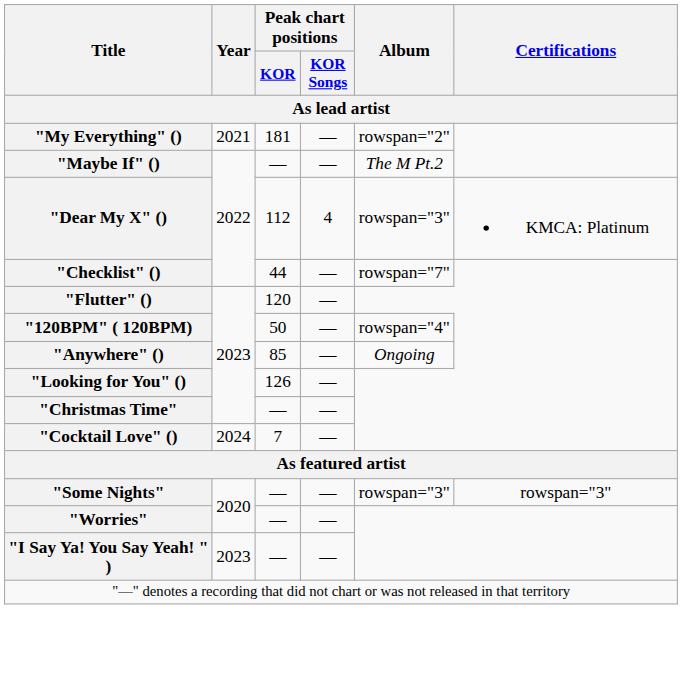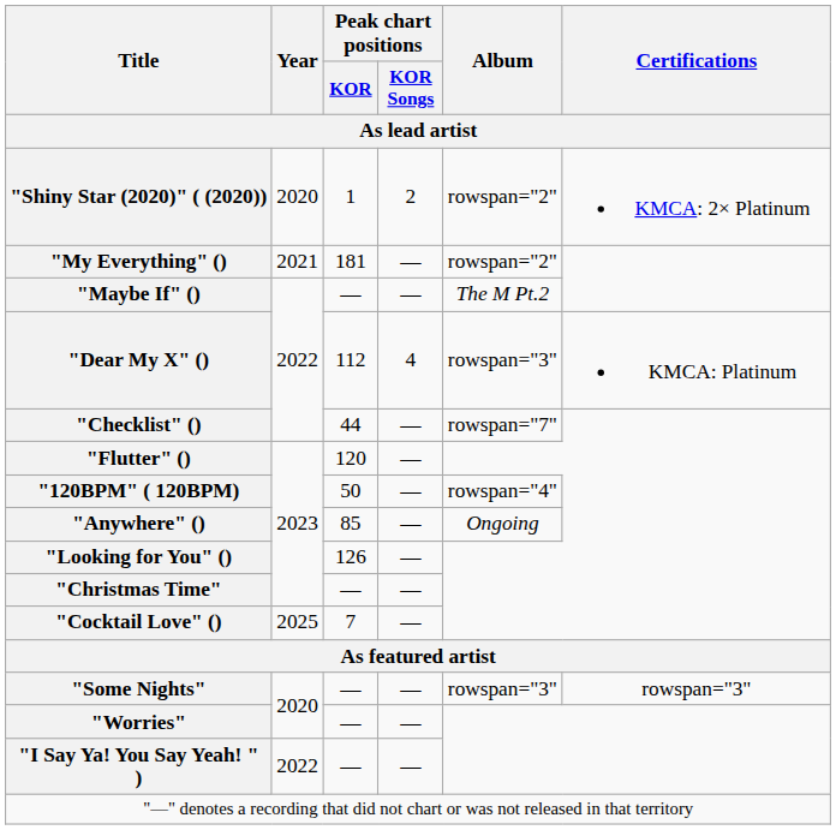 <table class="wikitable plainrowheaders" style="text-align:center">
 <tr>
 <th scope="col" rowspan="2">Title</th>
 <th scope="col" rowspan="2">Year</th>
 <th scope="col" colspan="2">Peak chart positions</th>
 <th scope="col" rowspan="2">Album</th>
 <th scope="col" rowspan="2" style="width:12.5em;"><a href='#'>Certifications</a><br></th>
 </tr>
 <tr>
 <th scope="col" style="font-size:90%; width:2.5em"><a href='#'>KOR</a><br></th>
 <th scope="col" style="font-size:90%; width:3em"><a href='#'>KOR<br>Songs</a><br></th>
 </tr>
 <tr>
 <th scope="col" colspan="6">As lead artist</th>
+</tr>
+<tr>
+<th scope="row">"Shiny Star (2020)" ( (2020))</th>
+<td>2020</td>
+<td>1</td>
+<td>2</td>
+<td>rowspan="2" </td>
+<td><br><ul><li><a href='#'>KMCA</a>: 2× Platinum</li></ul></td>
 </tr>
 <tr>
 <th scope="row">"My Everything" ()</th>
 <td>2021</td>
 <td>181</td>
 <td>—</td>
 <td>rowspan="2" </td>
 </tr>
 <tr>
 <th scope="row">"Maybe If" ()</th>
 <td rowspan="3">2022</td>
 <td>—</td>
 <td>—</td>
 <td><em>The M Pt.2</em></td>
 </tr>
 <tr>
 <th scope="row">"Dear My X" ()</th>
 <td>112</td>
 <td>4</td>
 <td>rowspan="3" </td>
 <td><br><ul><li>KMCA: Platinum</li></ul></td>
 </tr>
 <tr>
 <th scope="row">"Checklist" ()</th>
 <td>44</td>
 <td>—</td>
 <td>rowspan="7" </td>
 </tr>
 <tr>
 <th scope="row">"Flutter" ()</th>
 <td rowspan="5">2023</td>
 <td>120</td>
 <td>—</td>
 </tr>
 <tr>
 <th scope="row">"120BPM" ( 120BPM)</th>
 <td>50</td>
 <td>—</td>
 <td>rowspan="4" </td>
 </tr>
 <tr>
 <th scope="row">"Anywhere" ()<br></th>
 <td>85</td>
 <td>—</td>
 <td><em>Ongoing</em></td>
 </tr>
 <tr>
 <th scope="row">"Looking for You" ()</th>
 <td>126</td>
 <td>—</td>
 </tr>
 <tr>
 <th scope="row">"Christmas Time"</th>
 <td>—</td>
 <td>—</td>
 </tr>
 <tr>
 <th scope="row">"Cocktail Love" ()</th>
-<td>2024</td>
+<td>2025</td>
 <td>7</td>
 <td>—</td>
 </tr>
 <tr>
 <th scope="col" colspan="6">As featured artist</th>
 </tr>
 <tr>
 <th scope="row">"Some Nights"<br></th>
 <td rowspan="2">2020</td>
 <td>—</td>
 <td>—</td>
 <td>rowspan="3" </td>
 <td>rowspan="3" </td>
 </tr>
 <tr>
 <th scope="row">"Worries"<br></th>
 <td>—</td>
 <td>—</td>
 </tr>
 <tr>
 <th scope="row">"I Say Ya! You Say Yeah! "<br>)</th>
-<td>2023</td>
+<td>2022</td>
 <td>—</td>
 <td>—</td>
 </tr>
 <tr>
 <td colspan="6" style="font-size:85%">"—" denotes a recording that did not chart or was not released in that territory</td>
 </tr>
 </table>
